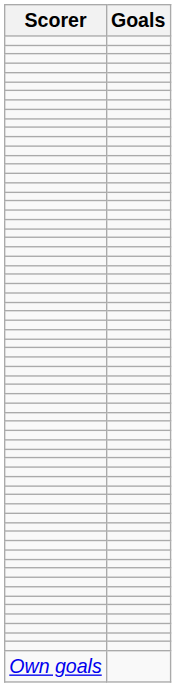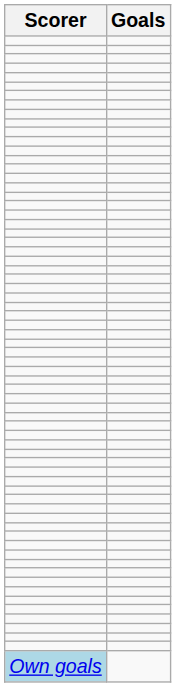 <table class="wikitable sortable" style="font-size:90%">
 <tr>
 <th>Scorer</th>
 <th>Goals</th>
 </tr>
 <tr>
 <td> </td>
 <td></td>
 </tr>
 <tr>
 <td> </td>
 <td></td>
 </tr>
 <tr>
 <td> </td>
 <td></td>
 </tr>
 <tr>
 <td> </td>
 <td></td>
 </tr>
 <tr>
 <td> </td>
 <td></td>
 </tr>
 <tr>
 <td> </td>
 <td></td>
 </tr>
 <tr>
 <td> </td>
 <td></td>
 </tr>
 <tr>
 <td> </td>
 <td></td>
 </tr>
 <tr>
 <td> </td>
 <td></td>
 </tr>
 <tr>
 <td> </td>
 <td></td>
 </tr>
 <tr>
 <td> </td>
 <td></td>
 </tr>
 <tr>
 <td> </td>
 <td></td>
 </tr>
 <tr>
 <td> </td>
 <td></td>
 </tr>
 <tr>
 <td> </td>
 <td></td>
 </tr>
 <tr>
 <td> </td>
 <td></td>
 </tr>
 <tr>
 <td> </td>
 <td></td>
 </tr>
 <tr>
 <td> </td>
 <td></td>
 </tr>
 <tr>
 <td> </td>
 <td></td>
 </tr>
 <tr>
 <td> </td>
 <td></td>
 </tr>
 <tr>
 <td> </td>
 <td></td>
 </tr>
 <tr>
 <td> </td>
 <td></td>
 </tr>
 <tr>
 <td> </td>
 <td></td>
 </tr>
 <tr>
 <td> </td>
 <td></td>
 </tr>
 <tr>
 <td> </td>
 <td></td>
 </tr>
 <tr>
 <td> </td>
 <td></td>
 </tr>
 <tr>
 <td> </td>
 <td></td>
 </tr>
 <tr>
 <td> </td>
 <td></td>
 </tr>
 <tr>
 <td> </td>
 <td></td>
 </tr>
 <tr>
 <td> </td>
 <td></td>
 </tr>
 <tr>
 <td> </td>
 <td></td>
 </tr>
 <tr>
 <td> </td>
 <td></td>
 </tr>
 <tr>
 <td> </td>
 <td></td>
 </tr>
 <tr>
 <td> </td>
 <td></td>
 </tr>
 <tr>
 <td> </td>
 <td></td>
 </tr>
 <tr>
 <td> </td>
 <td></td>
 </tr>
 <tr>
 <td> </td>
 <td></td>
 </tr>
 <tr>
 <td> </td>
 <td></td>
 </tr>
 <tr>
 <td> </td>
 <td></td>
 </tr>
 <tr>
 <td> </td>
 <td></td>
 </tr>
 <tr>
 <td> </td>
 <td></td>
 </tr>
 <tr>
 <td> </td>
 <td></td>
 </tr>
 <tr>
 <td> </td>
 <td></td>
 </tr>
 <tr>
 <td> </td>
 <td></td>
 </tr>
 <tr>
 <td> </td>
 <td></td>
 </tr>
 <tr>
 <td> </td>
 <td></td>
 </tr>
 <tr>
 <td> </td>
 <td></td>
 </tr>
 <tr>
 <td> </td>
 <td></td>
 </tr>
 <tr>
 <td> </td>
 <td></td>
 </tr>
 <tr>
 <td> </td>
 <td></td>
 </tr>
 <tr>
 <td> </td>
 <td></td>
 </tr>
 <tr>
 <td> </td>
 <td></td>
 </tr>
 <tr>
 <td> </td>
 <td></td>
 </tr>
 <tr>
 <td> </td>
 <td></td>
 </tr>
 <tr>
 <td> </td>
 <td></td>
 </tr>
 <tr>
 <td> </td>
 <td></td>
 </tr>
 <tr>
 <td> </td>
 <td></td>
 </tr>
 <tr>
 <td> </td>
 <td></td>
 </tr>
 <tr>
 <td> </td>
 <td></td>
 </tr>
 <tr>
 <td> </td>
 <td></td>
 </tr>
 <tr>
 <td> </td>
 <td></td>
 </tr>
 <tr>
 <td> </td>
 <td></td>
 </tr>
 <tr>
 <td> </td>
 <td></td>
 </tr>
 <tr>
 <td> </td>
 <td></td>
 </tr>
 <tr>
 <td> </td>
 <td></td>
 </tr>
 <tr>
 <td> </td>
 <td></td>
 </tr>
 <tr>
 <td> </td>
 <td></td>
 </tr>
 <tr>
 <td> </td>
 <td></td>
 </tr>
 <tr>
-<td><em><a href='#'>Own goals</a></em></td>
+<td style="background: lightblue;"><em><a href='#'>Own goals</a></em></td>
 <td></td>
 </tr>
 </table>
